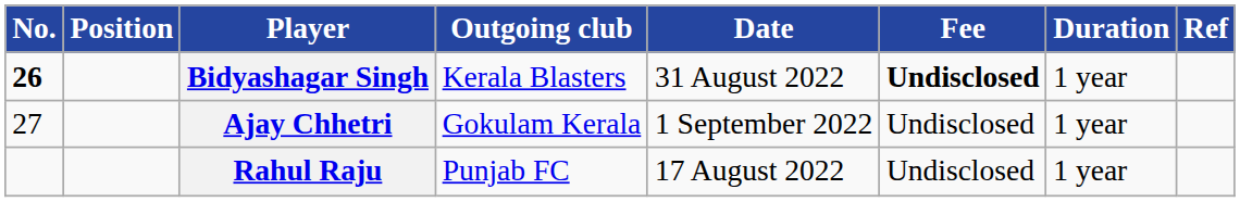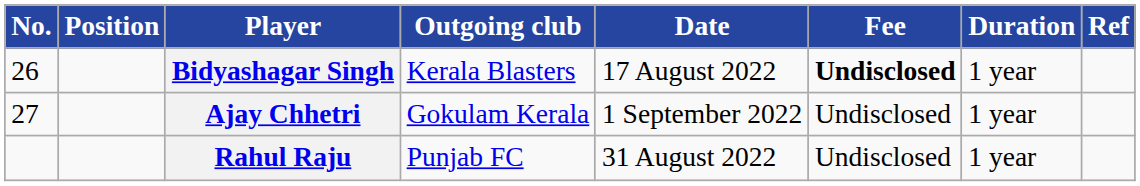 <table class="wikitable plainrowheaders" style="text-align:center; text-align:left">
 <tr>
 <th style="background:#2545A0; color:#FFFFFF; ">No.</th>
 <th scope="col" style="background:#2545A0; color:#FFFFFF; ">Position</th>
 <th scope="col" style="background:#2545A0; color:#FFFFFF; ">Player</th>
 <th scope="col" style="background:#2545A0; color:#FFFFFF; ">Outgoing club</th>
 <th scope="col" style="background:#2545A0; color:#FFFFFF; ">Date</th>
 <th scope="col" style="background:#2545A0; color:#FFFFFF; ">Fee</th>
 <th scope="col" style="background:#2545A0; color:#FFFFFF; ">Duration</th>
 <th scope="col" style="background:#2545A0; color:#FFFFFF; ">Ref</th>
 </tr>
 <tr>
-<td><strong>26</strong></td>
+<td>26</td>
 <td></td>
 <th scope="row"> <a href='#'>Bidyashagar Singh</a></th>
 <td><a href='#'>Kerala Blasters</a></td>
-<td>31 August 2022</td>
+<td>17 August 2022</td>
 <td><strong>Undisclosed</strong></td>
 <td>1 year</td>
 <td></td>
 </tr>
 <tr>
 <td>27</td>
 <td></td>
 <th scope="row"> <a href='#'>Ajay Chhetri</a></th>
 <td><a href='#'>Gokulam Kerala</a></td>
 <td>1 September 2022</td>
 <td>Undisclosed</td>
 <td>1 year</td>
 <td></td>
 </tr>
 <tr>
 <td></td>
 <td></td>
 <th scope="row"> <a href='#'>Rahul Raju</a></th>
 <td><a href='#'>Punjab FC</a></td>
-<td>17 August 2022</td>
+<td>31 August 2022</td>
 <td>Undisclosed</td>
 <td>1 year</td>
 <td></td>
 </tr>
 </table>
